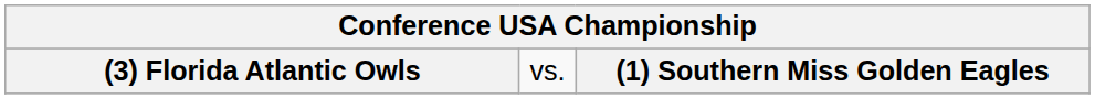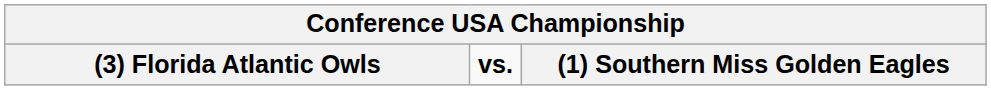 <table class="wikitable">
 <tr>
 <th style="width: 604px;" colspan=3>Conference USA Championship</th>
 </tr>
 <tr>
 <th style="width: 289px; ">(3) Florida Atlantic Owls</th>
-<td style="width: 25px; text-align:center">vs.</td>
+<td style="width: 25px; text-align:center"><strong>vs.</strong></td>
 <th style="width: 289px; ">(1) Southern Miss Golden Eagles</th>
 </tr>
 </table>
